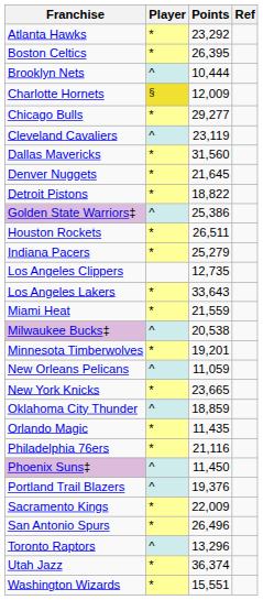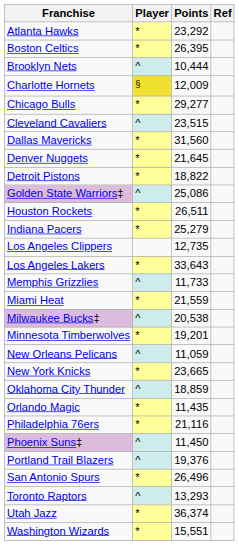 <table class="wikitable sortable">
 <tr>
 <th>Franchise</th>
 <th>Player</th>
 <th>Points</th>
 <th scope="col" class="unsortable">Ref</th>
 </tr>
 <tr>
 <td><a href='#'>Atlanta Hawks</a></td>
 <td bgcolor="#FFFF99">*</td>
 <td style="text-align:right;">23,292</td>
 <td></td>
 </tr>
 <tr>
 <td><a href='#'>Boston Celtics</a></td>
 <td bgcolor="#FFFF99">*</td>
 <td style="text-align:right;">26,395</td>
 <td></td>
 </tr>
 <tr>
 <td><a href='#'>Brooklyn Nets</a></td>
 <td bgcolor="#CFECEC">^</td>
 <td style="text-align:right;">10,444</td>
 <td></td>
 </tr>
 <tr>
 <td><a href='#'>Charlotte Hornets</a></td>
 <td bgcolor="#F0E130"><sup>§</sup></td>
 <td style="text-align:right;">12,009</td>
 <td></td>
 </tr>
 <tr>
 <td><a href='#'>Chicago Bulls</a></td>
 <td bgcolor="#FFFF99">*</td>
 <td style="text-align:right;">29,277</td>
 <td></td>
 </tr>
 <tr>
 <td><a href='#'>Cleveland Cavaliers</a></td>
 <td bgcolor="#CFECEC">^</td>
-<td style="text-align:right;">23,119</td>
+<td style="text-align:right;">23,515</td>
 <td></td>
 </tr>
 <tr>
 <td><a href='#'>Dallas Mavericks</a></td>
 <td bgcolor="#FFFF99">*</td>
 <td style="text-align:right;">31,560</td>
 <td></td>
 </tr>
 <tr>
 <td><a href='#'>Denver Nuggets</a></td>
 <td bgcolor="#FFFF99">*</td>
 <td style="text-align:right;">21,645</td>
 <td></td>
 </tr>
 <tr>
 <td><a href='#'>Detroit Pistons</a></td>
 <td bgcolor="#FFFF99">*</td>
 <td style="text-align:right;">18,822</td>
 <td></td>
 </tr>
 <tr>
 <td style="background:#DDBBDD;"><a href='#'>Golden State Warriors</a>‡</td>
 <td bgcolor="#CFECEC">^</td>
-<td style="text-align:right;">25,386</td>
+<td style="text-align:right;">25,086</td>
 <td></td>
 </tr>
 <tr>
 <td><a href='#'>Houston Rockets</a></td>
 <td bgcolor="#FFFF99">*</td>
 <td style="text-align:right;">26,511</td>
 <td></td>
 </tr>
 <tr>
 <td><a href='#'>Indiana Pacers</a></td>
 <td bgcolor="#FFFF99">*</td>
 <td style="text-align:right;">25,279</td>
 <td></td>
 </tr>
 <tr>
 <td><a href='#'>Los Angeles Clippers</a></td>
 <td></td>
 <td style="text-align:right;">12,735</td>
 <td></td>
 </tr>
 <tr>
 <td><a href='#'>Los Angeles Lakers</a></td>
 <td bgcolor="#FFFF99">*</td>
 <td style="text-align:right;">33,643</td>
+<td></td>
+</tr>
+<tr>
+<td><a href='#'>Memphis Grizzlies</a></td>
+<td bgcolor="#CFECEC">^</td>
+<td style="text-align:right;">11,733</td>
 <td></td>
 </tr>
 <tr>
 <td><a href='#'>Miami Heat</a></td>
 <td bgcolor="#FFFF99">*</td>
 <td style="text-align:right;">21,559</td>
 <td></td>
 </tr>
 <tr>
 <td style="background:#DDBBDD;"><a href='#'>Milwaukee Bucks</a>‡</td>
 <td bgcolor="#CFECEC">^</td>
 <td style="text-align:right;">20,538</td>
 <td></td>
 </tr>
 <tr>
 <td><a href='#'>Minnesota Timberwolves</a></td>
 <td bgcolor="#FFFF99">*</td>
 <td style="text-align:right;">19,201</td>
 <td></td>
 </tr>
 <tr>
 <td><a href='#'>New Orleans Pelicans</a></td>
 <td bgcolor="#CFECEC">^</td>
 <td style="text-align:right;">11,059</td>
 <td></td>
 </tr>
 <tr>
 <td><a href='#'>New York Knicks</a></td>
 <td bgcolor="#FFFF99">*</td>
 <td style="text-align:right;">23,665</td>
 <td></td>
 </tr>
 <tr>
 <td><a href='#'>Oklahoma City Thunder</a></td>
 <td bgcolor="#CFECEC">^</td>
 <td style="text-align:right;">18,859</td>
 <td></td>
 </tr>
 <tr>
 <td><a href='#'>Orlando Magic</a></td>
 <td bgcolor="#FFFF99">*</td>
 <td style="text-align:right;">11,435</td>
 <td></td>
 </tr>
 <tr>
 <td><a href='#'>Philadelphia 76ers</a></td>
 <td bgcolor="#FFFF99">*</td>
 <td style="text-align:right;">21,116</td>
 <td></td>
 </tr>
 <tr>
 <td style="background:#DDBBDD;"><a href='#'>Phoenix Suns</a>‡</td>
 <td bgcolor="#CFECEC">^</td>
 <td style="text-align:right;">11,450</td>
 <td></td>
 </tr>
 <tr>
 <td><a href='#'>Portland Trail Blazers</a></td>
 <td bgcolor="#CFECEC">^</td>
 <td style="text-align:right;">19,376</td>
 <td></td>
 </tr>
 <tr>
-<td><a href='#'>Sacramento Kings</a></td>
-<td bgcolor="#FFFF99">*</td>
-<td style="text-align:right;">22,009</td>
-<td></td>
-</tr>
-<tr>
 <td><a href='#'>San Antonio Spurs</a></td>
 <td bgcolor="#FFFF99">*</td>
 <td style="text-align:right;">26,496</td>
 <td></td>
 </tr>
 <tr>
 <td><a href='#'>Toronto Raptors</a></td>
 <td bgcolor="#CFECEC">^</td>
-<td style="text-align:right;">13,296</td>
+<td style="text-align:right;">13,293</td>
 <td></td>
 </tr>
 <tr>
 <td><a href='#'>Utah Jazz</a></td>
 <td bgcolor="#FFFF99">*</td>
 <td style="text-align:right;">36,374</td>
 <td></td>
 </tr>
 <tr>
 <td><a href='#'>Washington Wizards</a></td>
 <td bgcolor="#FFFF99">*</td>
 <td style="text-align:right;">15,551</td>
 <td></td>
 </tr>
 </table>
